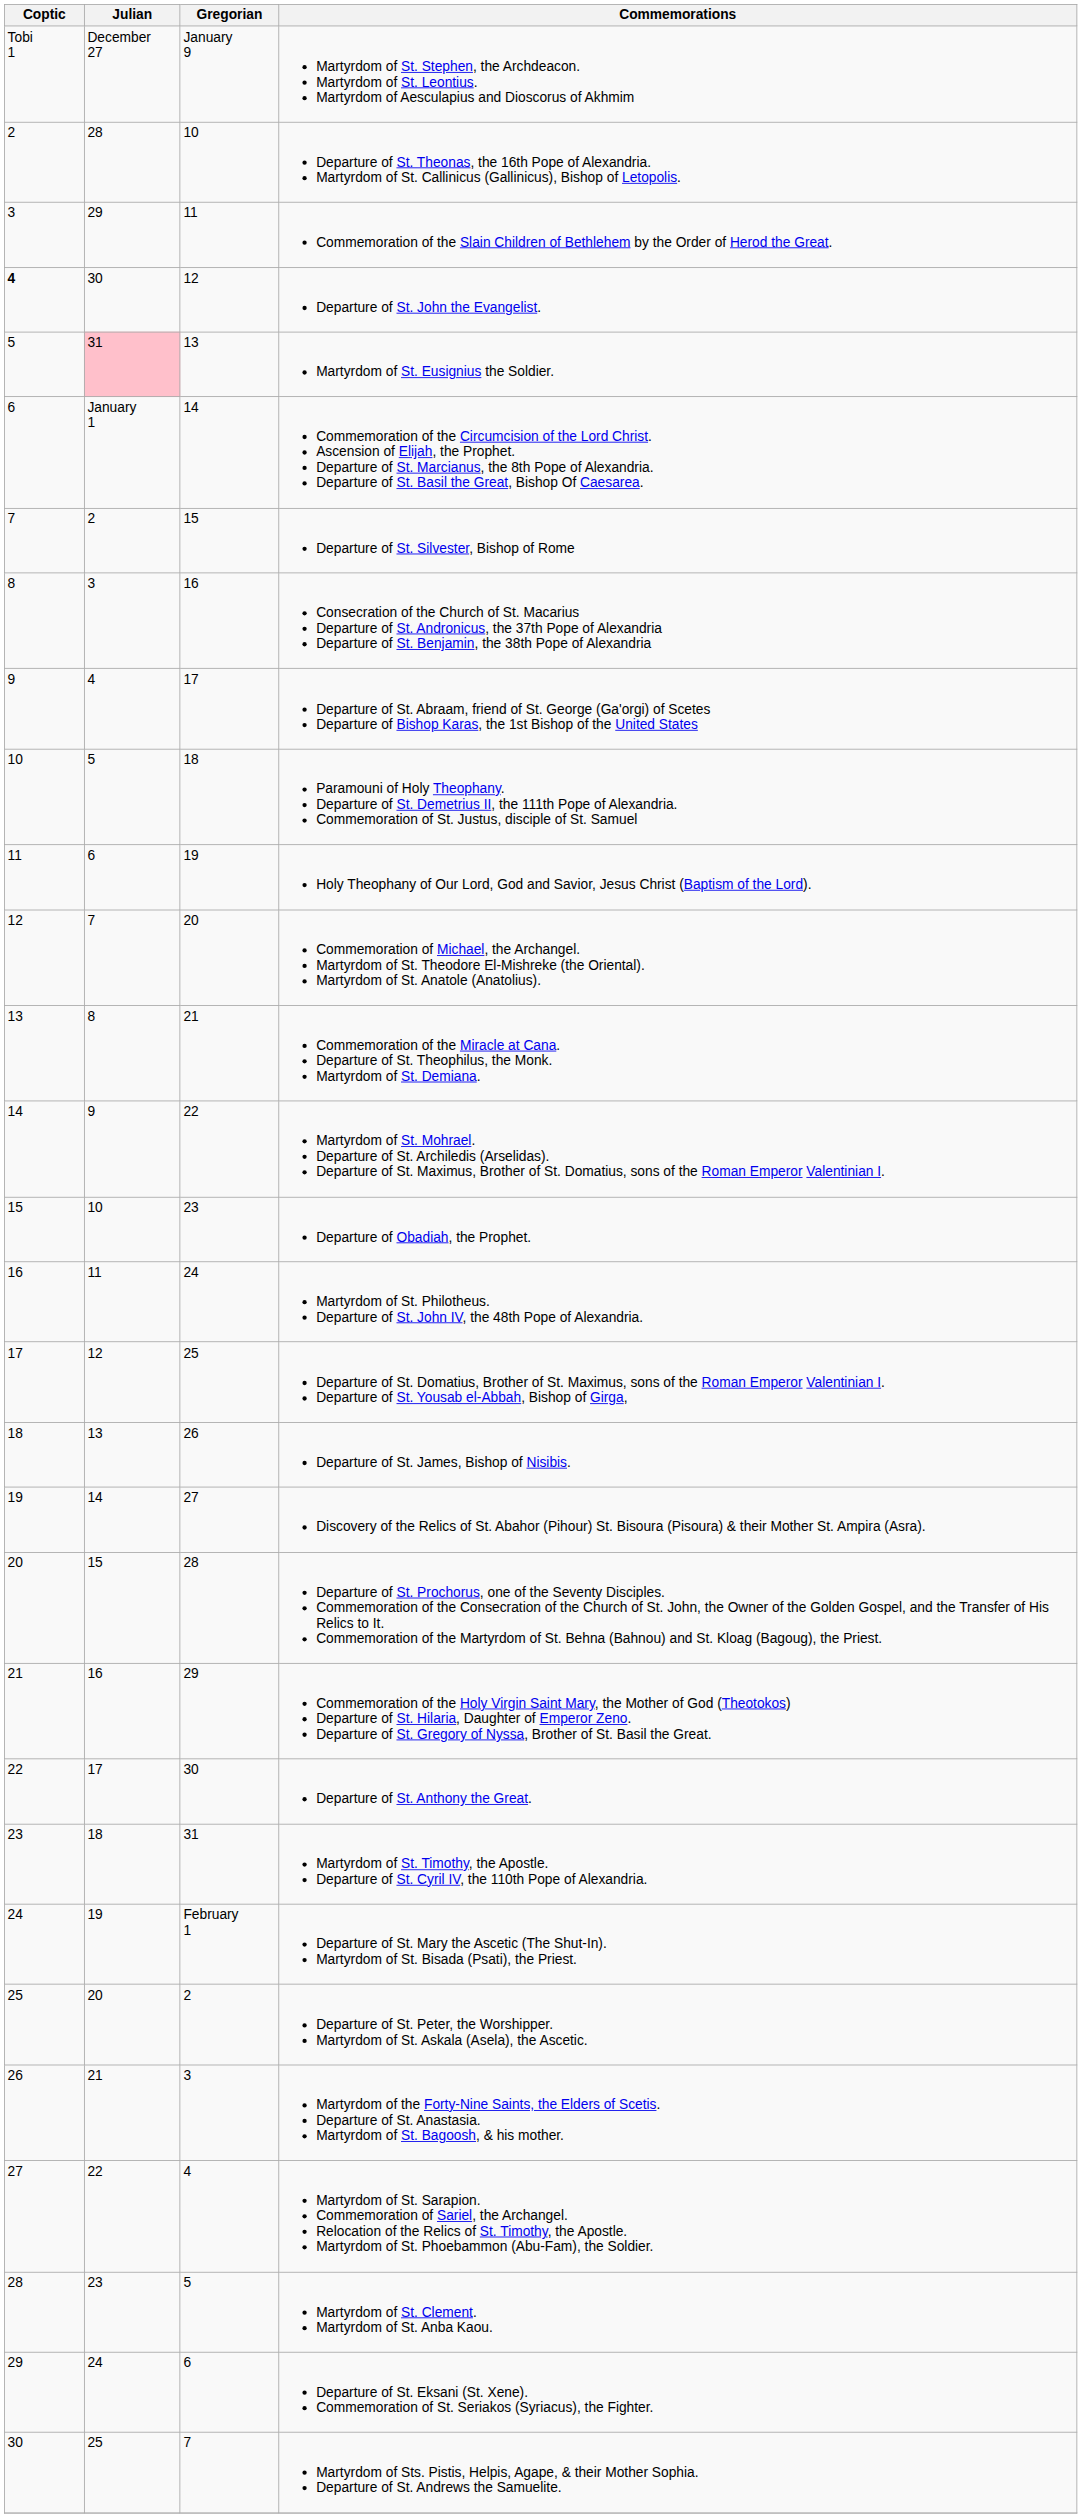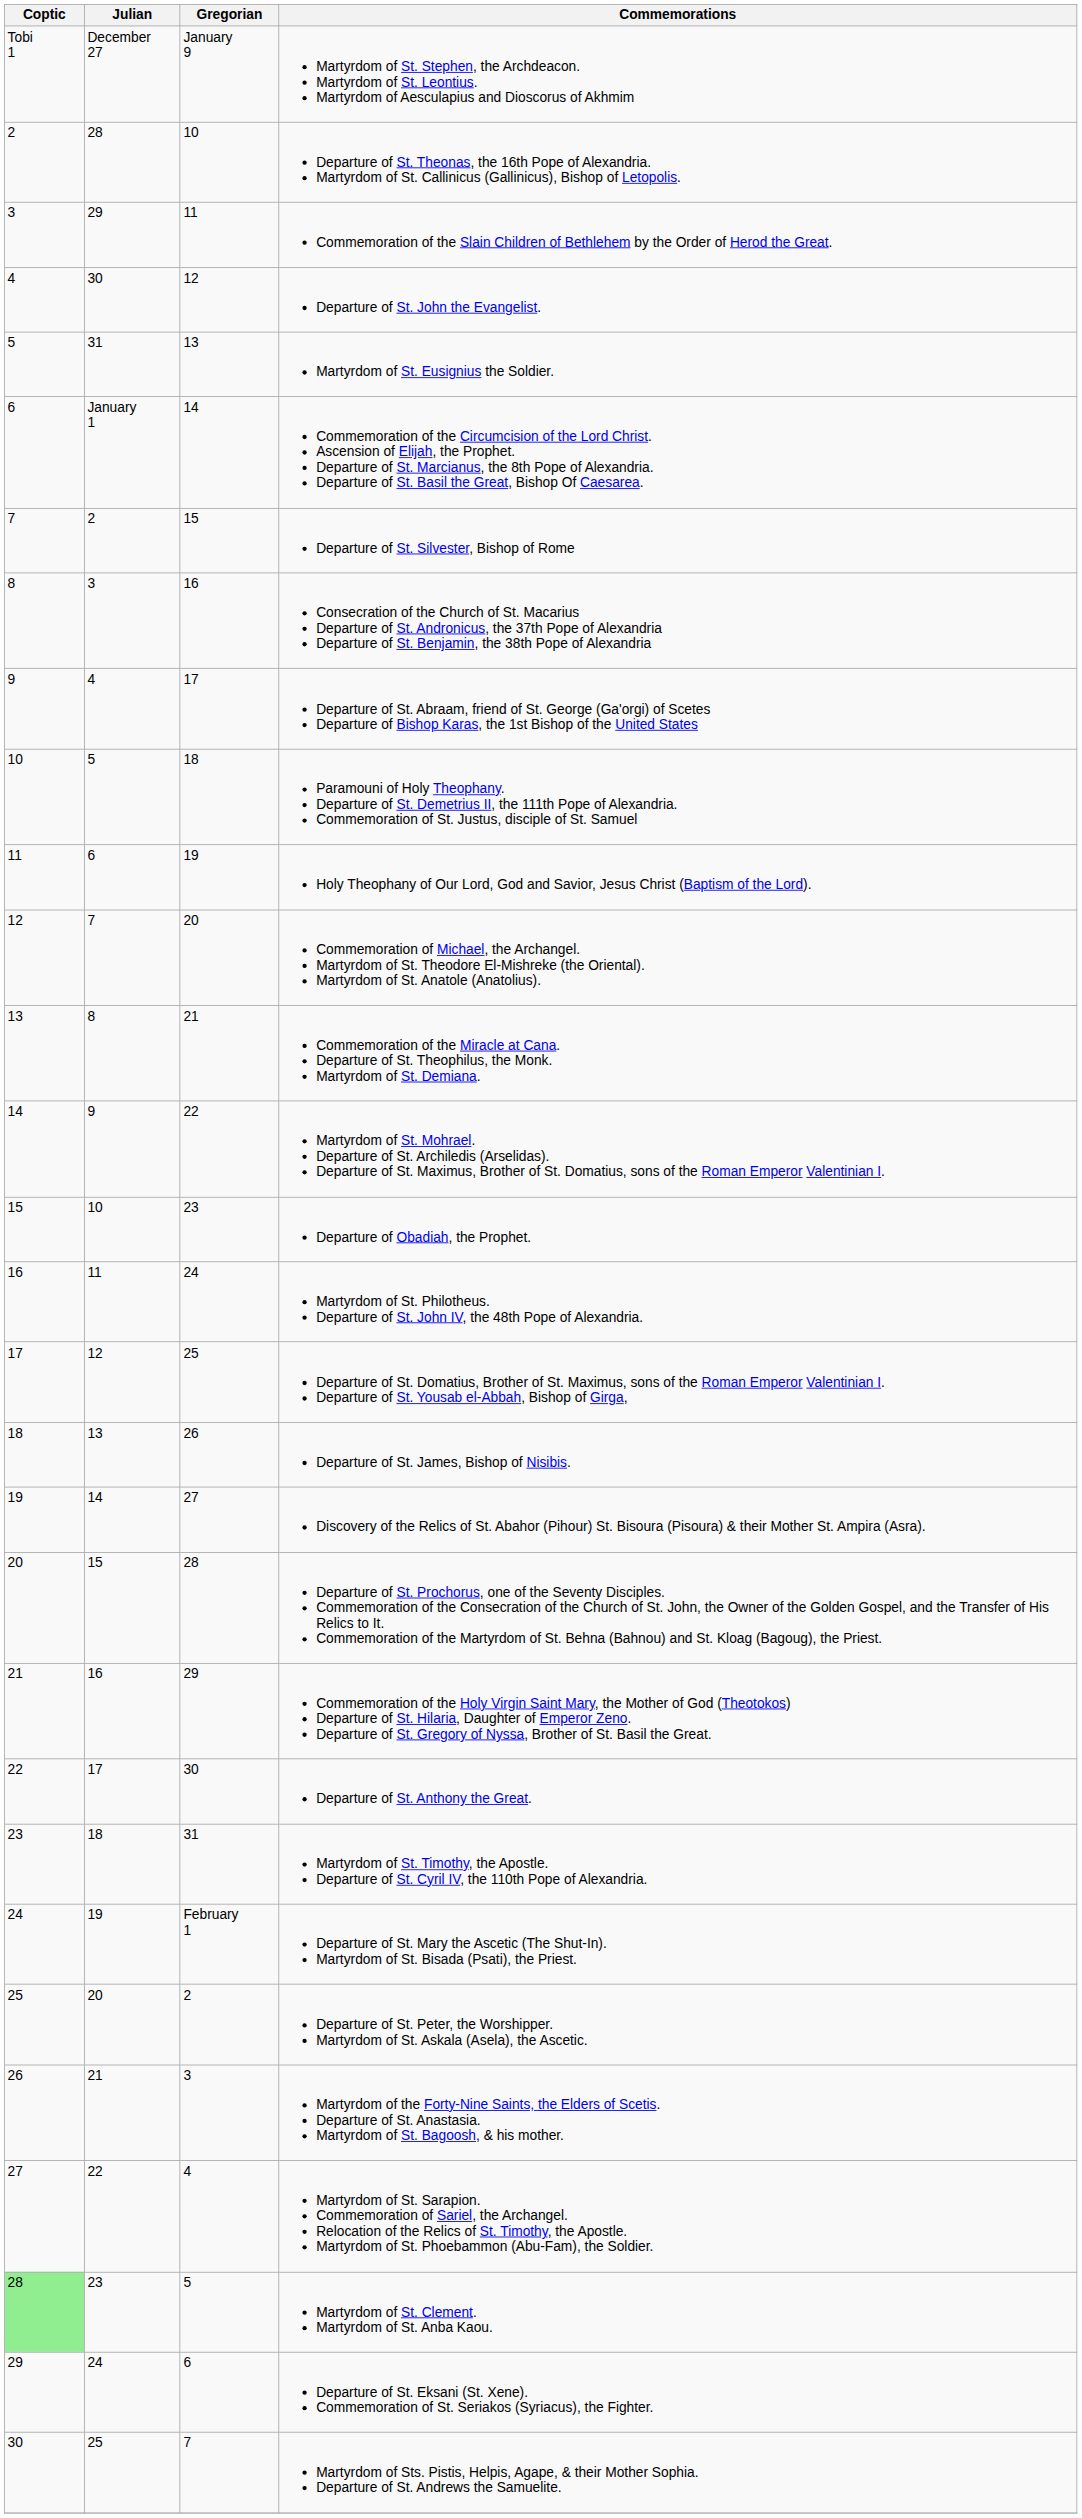 <table class="wikitable">
 <tr>
 <th style="width:5%;">Coptic</th>
 <th style="width:5%;">Julian</th>
 <th style="width:5%;">Gregorian</th>
 <th style="width:50%;">Commemorations</th>
 </tr>
 <tr valign="top">
 <td>Tobi<br>1</td>
 <td>December<br>27</td>
 <td>January<br>9</td>
 <td><br><ul><li>Martyrdom of <a href='#'>St. Stephen</a>, the Archdeacon.</li><li>Martyrdom of <a href='#'>St. Leontius</a>.</li><li>Martyrdom of Aesculapius and Dioscorus of Akhmim</li></ul></td>
 </tr>
 <tr valign="top">
 <td>2</td>
 <td>28</td>
 <td>10</td>
 <td><br><ul><li>Departure of <a href='#'>St. Theonas</a>, the 16th Pope of Alexandria.</li><li>Martyrdom of St. Callinicus (Gallinicus), Bishop of <a href='#'>Letopolis</a>.</li></ul></td>
 </tr>
 <tr valign="top">
 <td>3</td>
 <td>29</td>
 <td>11</td>
 <td><br><ul><li>Commemoration of the <a href='#'>Slain Children of Bethlehem</a> by the Order of <a href='#'>Herod the Great</a>.</li></ul></td>
 </tr>
 <tr valign="top">
-<td><strong>4</strong></td>
+<td>4</td>
 <td>30</td>
 <td>12</td>
 <td><br><ul><li>Departure of <a href='#'>St. John the Evangelist</a>.</li></ul></td>
 </tr>
 <tr valign="top">
 <td>5</td>
-<td style="background: pink;">31</td>
+<td>31</td>
 <td>13</td>
 <td><br><ul><li>Martyrdom of <a href='#'>St. Eusignius</a> the Soldier.</li></ul></td>
 </tr>
 <tr valign="top">
 <td>6</td>
 <td>January<br>1</td>
 <td>14</td>
 <td><br><ul><li>Commemoration of the <a href='#'>Circumcision of the Lord Christ</a>.</li><li>Ascension of <a href='#'>Elijah</a>, the Prophet.</li><li>Departure of <a href='#'>St. Marcianus</a>, the 8th Pope of Alexandria.</li><li>Departure of <a href='#'>St. Basil the Great</a>, Bishop Of <a href='#'>Caesarea</a>.</li></ul></td>
 </tr>
 <tr valign="top">
 <td>7</td>
 <td>2</td>
 <td>15</td>
 <td><br><ul><li>Departure of <a href='#'>St. Silvester</a>, Bishop of Rome</li></ul></td>
 </tr>
 <tr valign="top">
 <td>8</td>
 <td>3</td>
 <td>16</td>
 <td><br><ul><li>Consecration of the Church of St. Macarius</li><li>Departure of <a href='#'>St. Andronicus</a>, the 37th Pope of Alexandria</li><li>Departure of <a href='#'>St. Benjamin</a>, the 38th Pope of Alexandria</li></ul></td>
 </tr>
 <tr valign="top">
 <td>9</td>
 <td>4</td>
 <td>17</td>
 <td><br><ul><li>Departure of St. Abraam, friend of St. George (Ga'orgi) of Scetes</li><li>Departure of <a href='#'>Bishop Karas</a>, the 1st Bishop of the <a href='#'>United States</a></li></ul></td>
 </tr>
 <tr valign="top">
 <td>10</td>
 <td>5</td>
 <td>18</td>
 <td><br><ul><li>Paramouni of Holy <a href='#'>Theophany</a>.</li><li>Departure of <a href='#'>St. Demetrius II</a>, the 111th Pope of Alexandria.</li><li>Commemoration of St. Justus, disciple of St. Samuel</li></ul></td>
 </tr>
 <tr valign="top">
 <td>11</td>
 <td>6</td>
 <td>19</td>
 <td><br><ul><li>Holy Theophany of Our Lord, God and Savior, Jesus Christ (<a href='#'>Baptism of the Lord</a>).</li></ul></td>
 </tr>
 <tr valign="top">
 <td>12</td>
 <td>7</td>
 <td>20</td>
 <td><br><ul><li>Commemoration of <a href='#'>Michael</a>, the Archangel.</li><li>Martyrdom of St. Theodore El-Mishreke (the Oriental).</li><li>Martyrdom of St. Anatole (Anatolius).</li></ul></td>
 </tr>
 <tr valign="top">
 <td>13</td>
 <td>8</td>
 <td>21</td>
 <td><br><ul><li>Commemoration of the <a href='#'>Miracle at Cana</a>.</li><li>Departure of St. Theophilus, the Monk.</li><li>Martyrdom of <a href='#'>St. Demiana</a>.</li></ul></td>
 </tr>
 <tr valign="top">
 <td>14</td>
 <td>9</td>
 <td>22</td>
 <td><br><ul><li>Martyrdom of <a href='#'>St. Mohrael</a>.</li><li>Departure of St. Archiledis (Arselidas).</li><li>Departure of St. Maximus, Brother of St. Domatius, sons of the <a href='#'>Roman Emperor</a> <a href='#'>Valentinian I</a>.</li></ul></td>
 </tr>
 <tr valign="top">
 <td>15</td>
 <td>10</td>
 <td>23</td>
 <td><br><ul><li>Departure of <a href='#'>Obadiah</a>, the Prophet.</li></ul></td>
 </tr>
 <tr valign="top">
 <td>16</td>
 <td>11</td>
 <td>24</td>
 <td><br><ul><li>Martyrdom of St. Philotheus.</li><li>Departure of <a href='#'>St. John IV</a>, the 48th Pope of Alexandria.</li></ul></td>
 </tr>
 <tr valign="top">
 <td>17</td>
 <td>12</td>
 <td>25</td>
 <td><br><ul><li>Departure of St. Domatius, Brother of St. Maximus,  sons of the <a href='#'>Roman Emperor</a> <a href='#'>Valentinian I</a>.</li><li>Departure of <a href='#'>St. Yousab el-Abbah</a>, Bishop of <a href='#'>Girga</a>,</li></ul></td>
 </tr>
 <tr valign="top">
 <td>18</td>
 <td>13</td>
 <td>26</td>
 <td><br><ul><li>Departure of St. James, Bishop of <a href='#'>Nisibis</a>.</li></ul></td>
 </tr>
 <tr valign="top">
 <td>19</td>
 <td>14</td>
 <td>27</td>
 <td><br><ul><li>Discovery of the Relics of St. Abahor (Pihour) St. Bisoura (Pisoura) & their Mother St. Ampira (Asra).</li></ul></td>
 </tr>
 <tr valign="top">
 <td>20</td>
 <td>15</td>
 <td>28</td>
 <td><br><ul><li>Departure of <a href='#'>St. Prochorus</a>, one of the Seventy Disciples.</li><li>Commemoration of the Consecration of the Church of St. John, the Owner of the Golden Gospel, and the Transfer of His Relics to It.</li><li>Commemoration of the Martyrdom of St. Behna (Bahnou) and St. Kloag (Bagoug), the Priest.</li></ul></td>
 </tr>
 <tr valign="top">
 <td>21</td>
 <td>16</td>
 <td>29</td>
 <td><br><ul><li>Commemoration of the <a href='#'>Holy Virgin Saint Mary</a>, the Mother of God (<a href='#'>Theotokos</a>)</li><li>Departure of <a href='#'>St. Hilaria</a>, Daughter of <a href='#'>Emperor Zeno</a>.</li><li>Departure of <a href='#'>St. Gregory of Nyssa</a>, Brother of St. Basil the Great.</li></ul></td>
 </tr>
 <tr valign="top">
 <td>22</td>
 <td>17</td>
 <td>30</td>
 <td><br><ul><li>Departure of <a href='#'>St. Anthony the Great</a>.</li></ul></td>
 </tr>
 <tr valign="top">
 <td>23</td>
 <td>18</td>
 <td>31</td>
 <td><br><ul><li>Martyrdom of <a href='#'>St. Timothy</a>, the Apostle.</li><li>Departure of <a href='#'>St. Cyril IV</a>, the 110th Pope of Alexandria.</li></ul></td>
 </tr>
 <tr valign="top">
 <td>24</td>
 <td>19</td>
 <td>February<br>1</td>
 <td><br><ul><li>Departure of St. Mary the Ascetic (The Shut-In).</li><li>Martyrdom of St. Bisada (Psati), the Priest.</li></ul></td>
 </tr>
 <tr valign="top">
 <td>25</td>
 <td>20</td>
 <td>2</td>
 <td><br><ul><li>Departure of St. Peter, the Worshipper.</li><li>Martyrdom of St. Askala (Asela), the Ascetic.</li></ul></td>
 </tr>
 <tr valign="top">
 <td>26</td>
 <td>21</td>
 <td>3</td>
 <td><br><ul><li>Martyrdom of the <a href='#'>Forty-Nine Saints, the Elders of Scetis</a>.</li><li>Departure of St. Anastasia.</li><li>Martyrdom of <a href='#'>St. Bagoosh</a>, & his mother.</li></ul></td>
 </tr>
 <tr valign="top">
 <td>27</td>
 <td>22</td>
 <td>4</td>
 <td><br><ul><li>Martyrdom of St. Sarapion.</li><li>Commemoration of <a href='#'>Sariel</a>, the Archangel.</li><li>Relocation of the Relics of <a href='#'>St. Timothy</a>, the Apostle.</li><li>Martyrdom of St. Phoebammon (Abu-Fam), the Soldier.</li></ul></td>
 </tr>
 <tr valign="top">
-<td>28</td>
+<td style="background: lightgreen;">28</td>
 <td>23</td>
 <td>5</td>
 <td><br><ul><li>Martyrdom of <a href='#'>St. Clement</a>.</li><li>Martyrdom of St. Anba Kaou.</li></ul></td>
 </tr>
 <tr valign="top">
 <td>29</td>
 <td>24</td>
 <td>6</td>
 <td><br><ul><li>Departure of St. Eksani (St. Xene).</li><li>Commemoration of St. Seriakos (Syriacus), the Fighter.</li></ul></td>
 </tr>
 <tr valign="top">
 <td>30</td>
 <td>25</td>
 <td>7</td>
 <td><br><ul><li>Martyrdom of Sts. Pistis, Helpis, Agape, & their Mother Sophia.</li><li>Departure of St. Andrews the Samuelite.</li></ul></td>
 </tr>
 <tr valign="top">
 </tr>
 </table>
